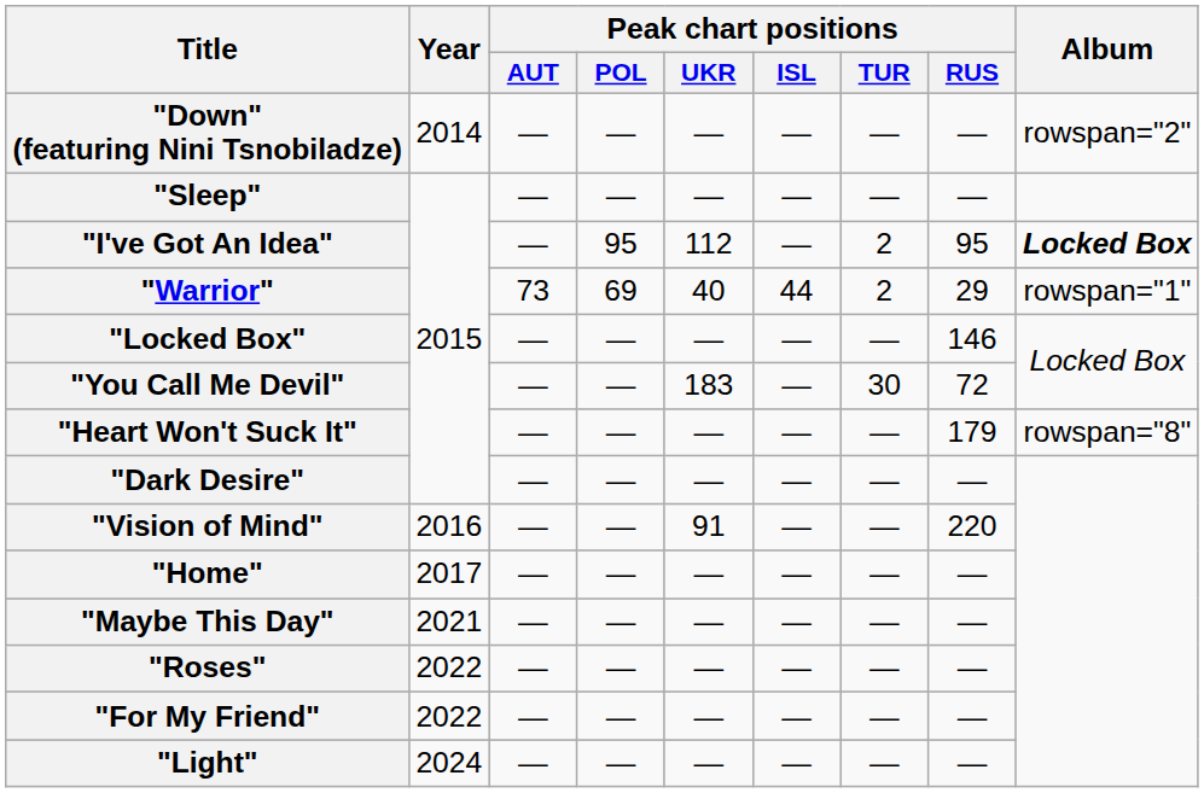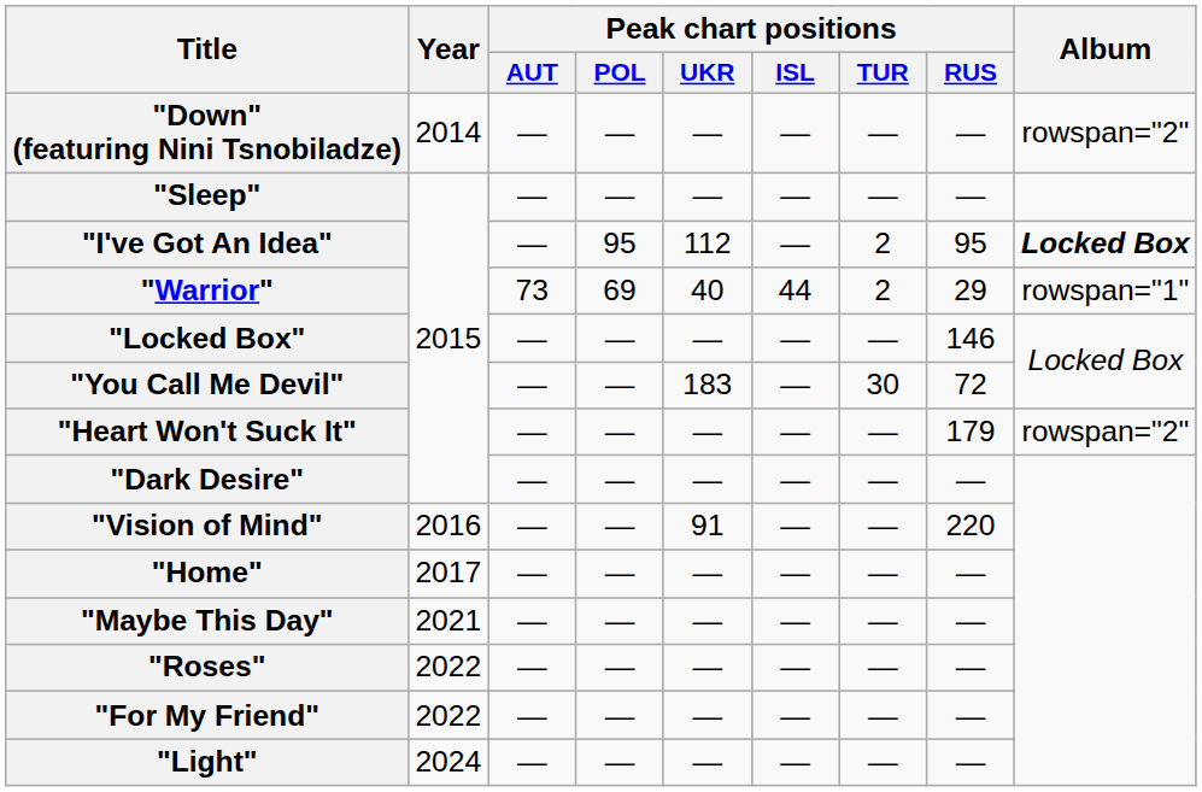 <table class="wikitable plainrowheaders" style="text-align:center;">
 <tr>
 <th scope="col" rowspan="2">Title</th>
 <th scope="col" rowspan="2">Year</th>
 <th colspan="6" scope="col">Peak chart positions</th>
 <th scope="col" rowspan="2">Album</th>
 </tr>
 <tr TBA>
 <th scope="col" style="width:3em;font-size:85%;"><a href='#'>AUT</a><br></th>
 <th scope="col" style="width:3em;font-size:85%;"><a href='#'>POL</a></th>
 <th scope="col" style="width:3em;font-size:85%;"><a href='#'>UKR</a></th>
 <th scope="col" style="width:3em;font-size:85%;"><a href='#'>ISL</a></th>
 <th scope="col" style="width:3em;font-size:85%;"><a href='#'>TUR</a></th>
 <th scope="col" style="width:3em;font-size:85%;"><a href='#'>RUS</a></th>
 </tr>
 <tr>
 <th scope="row">"Down"<br><span>(featuring Nini Tsnobiladze)</span></th>
 <td>2014</td>
 <td>—</td>
 <td>—</td>
 <td>—</td>
 <td>—</td>
 <td>—</td>
 <td>—</td>
 <td>rowspan="2" </td>
 </tr>
 <tr>
 <th scope="row">"Sleep"</th>
 <td rowspan="7">2015</td>
 <td>—</td>
 <td>—</td>
 <td>—</td>
 <td>—</td>
 <td>—</td>
 <td><span>—</span></td>
 </tr>
 <tr>
 <th scope="row">"I've Got An Idea"</th>
 <td>—</td>
 <td>95</td>
 <td>112</td>
 <td>—</td>
 <td>2</td>
 <td>95</td>
 <td rowspan="1"><strong><em>Locked Box</em></strong></td>
 </tr>
 <tr>
 <th scope="row">"<a href='#'>Warrior</a>"</th>
 <td>73</td>
 <td>69</td>
 <td>40</td>
 <td>44</td>
 <td>2</td>
 <td>29</td>
 <td>rowspan="1" </td>
 </tr>
 <tr>
 <th scope="row">"Locked Box"</th>
 <td>—</td>
 <td>—</td>
 <td>—</td>
 <td>—</td>
 <td>—</td>
 <td>146</td>
 <td rowspan="2"><em>Locked Box</em></td>
 </tr>
 <tr>
 <th scope="row">"You Call Me Devil"</th>
 <td>—</td>
 <td>—</td>
 <td>183</td>
 <td>—</td>
 <td>30</td>
 <td>72</td>
 </tr>
 <tr>
 <th scope="row">"Heart Won't Suck It"</th>
 <td>—</td>
 <td>—</td>
 <td>—</td>
 <td>—</td>
 <td>—</td>
 <td>179</td>
-<td>rowspan="8" </td>
+<td>rowspan="2" </td>
 </tr>
 <tr>
 <th scope="row">"Dark Desire"</th>
 <td>—</td>
 <td>—</td>
 <td>—</td>
 <td>—</td>
 <td>—</td>
 <td>—</td>
 </tr>
 <tr>
 <th scope="row">"Vision of Mind"</th>
 <td rowspan="1">2016</td>
 <td>—</td>
 <td>—</td>
 <td>91</td>
 <td>—</td>
 <td>—</td>
 <td><span>220</span></td>
 </tr>
 <tr>
 <th scope="row">"Home"</th>
 <td>2017</td>
 <td>—</td>
 <td>—</td>
 <td>—</td>
 <td>—</td>
 <td>—</td>
 <td>—</td>
 </tr>
 <tr>
 <th scope="row">"Maybe This Day"</th>
 <td>2021</td>
 <td>—</td>
 <td>—</td>
 <td>—</td>
 <td>—</td>
 <td>—</td>
 <td>—</td>
 </tr>
 <tr>
 <th scope="row">"Roses"</th>
 <td>2022</td>
 <td>—</td>
 <td>—</td>
 <td>—</td>
 <td>—</td>
 <td>—</td>
 <td>—</td>
 </tr>
 <tr>
 <th scope="row">"For My Friend"</th>
 <td>2022</td>
 <td>—</td>
 <td>—</td>
 <td>—</td>
 <td>—</td>
 <td>—</td>
 <td>—</td>
 </tr>
 <tr>
 <th scope="row">"Light"</th>
 <td>2024</td>
 <td>—</td>
 <td>—</td>
 <td>—</td>
 <td>—</td>
 <td>—</td>
 <td>—</td>
 </tr>
 </table>
